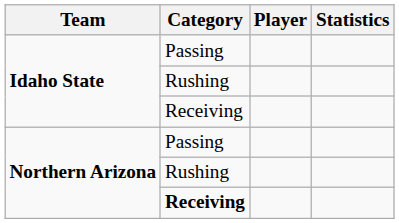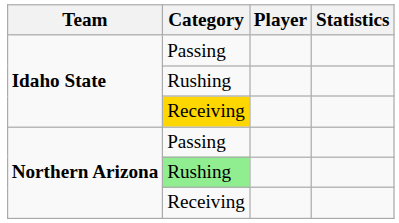 <table class="wikitable" style="float: right;">
 <tr>
 <th>Team</th>
 <th>Category</th>
 <th>Player</th>
 <th>Statistics</th>
 </tr>
 <tr>
 <td rowspan=3><strong>Idaho State</strong></td>
 <td>Passing</td>
 <td></td>
 <td></td>
 </tr>
 <tr>
 <td>Rushing</td>
 <td></td>
 <td></td>
 </tr>
 <tr>
-<td>Receiving</td>
+<td style="background: gold;">Receiving</td>
 <td></td>
 <td></td>
 </tr>
 <tr>
 <td rowspan=3><strong>Northern Arizona</strong></td>
 <td>Passing</td>
 <td></td>
 <td></td>
 </tr>
 <tr>
-<td>Rushing</td>
+<td style="background: lightgreen;">Rushing</td>
 <td></td>
 <td></td>
 </tr>
 <tr>
-<td><strong>Receiving</strong></td>
+<td>Receiving</td>
 <td></td>
 <td></td>
 </tr>
 </table>
